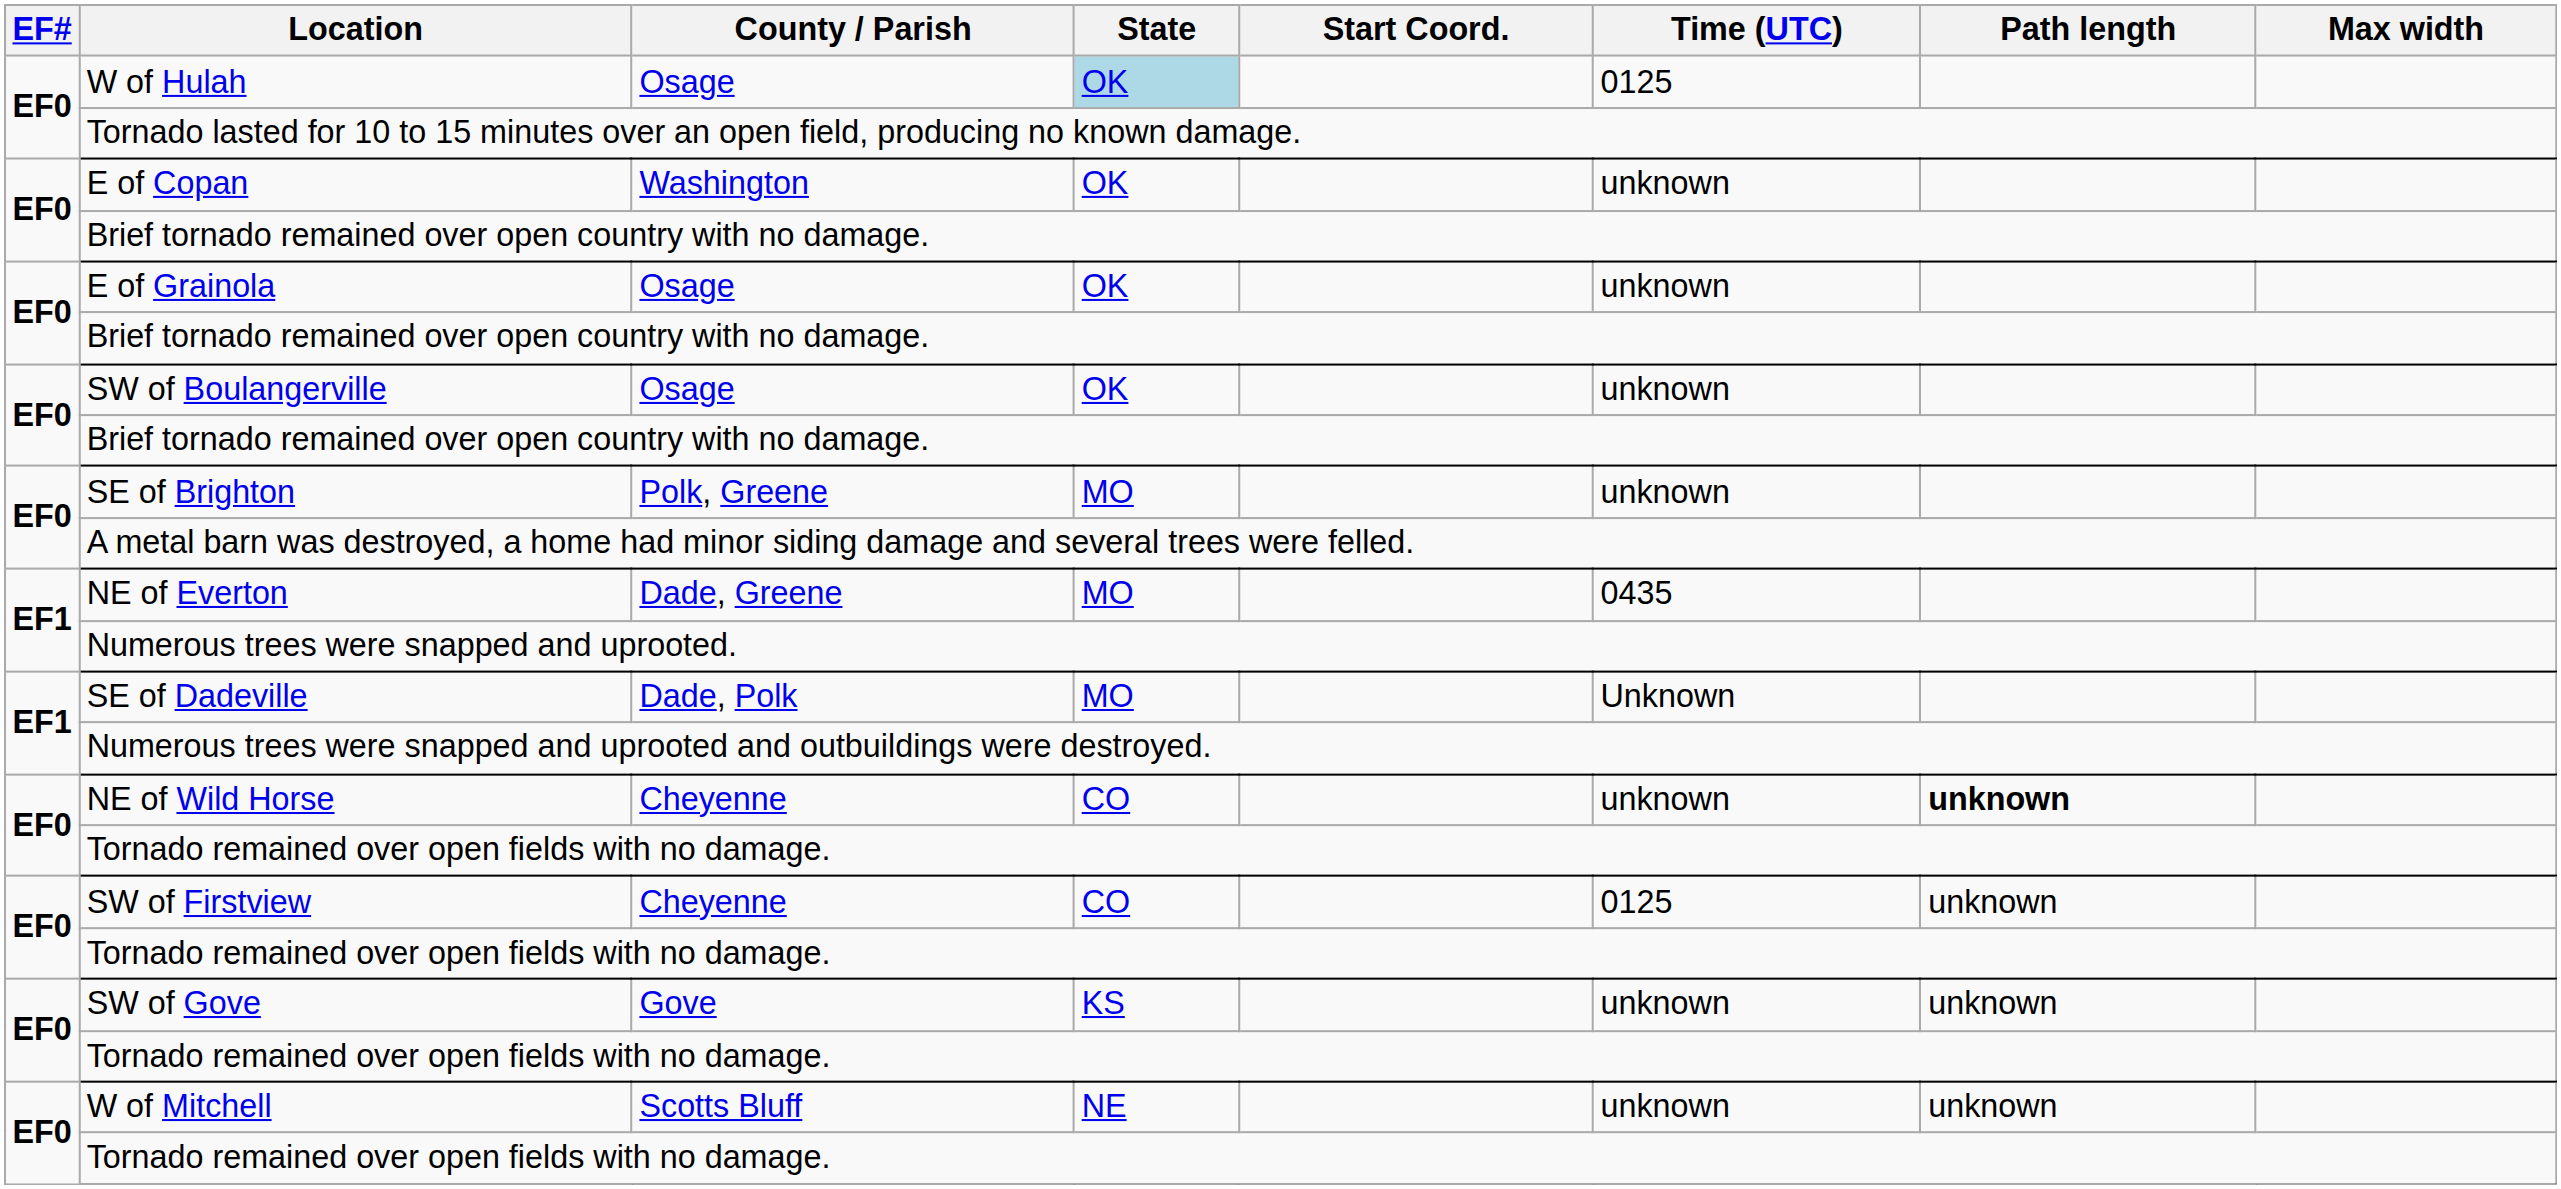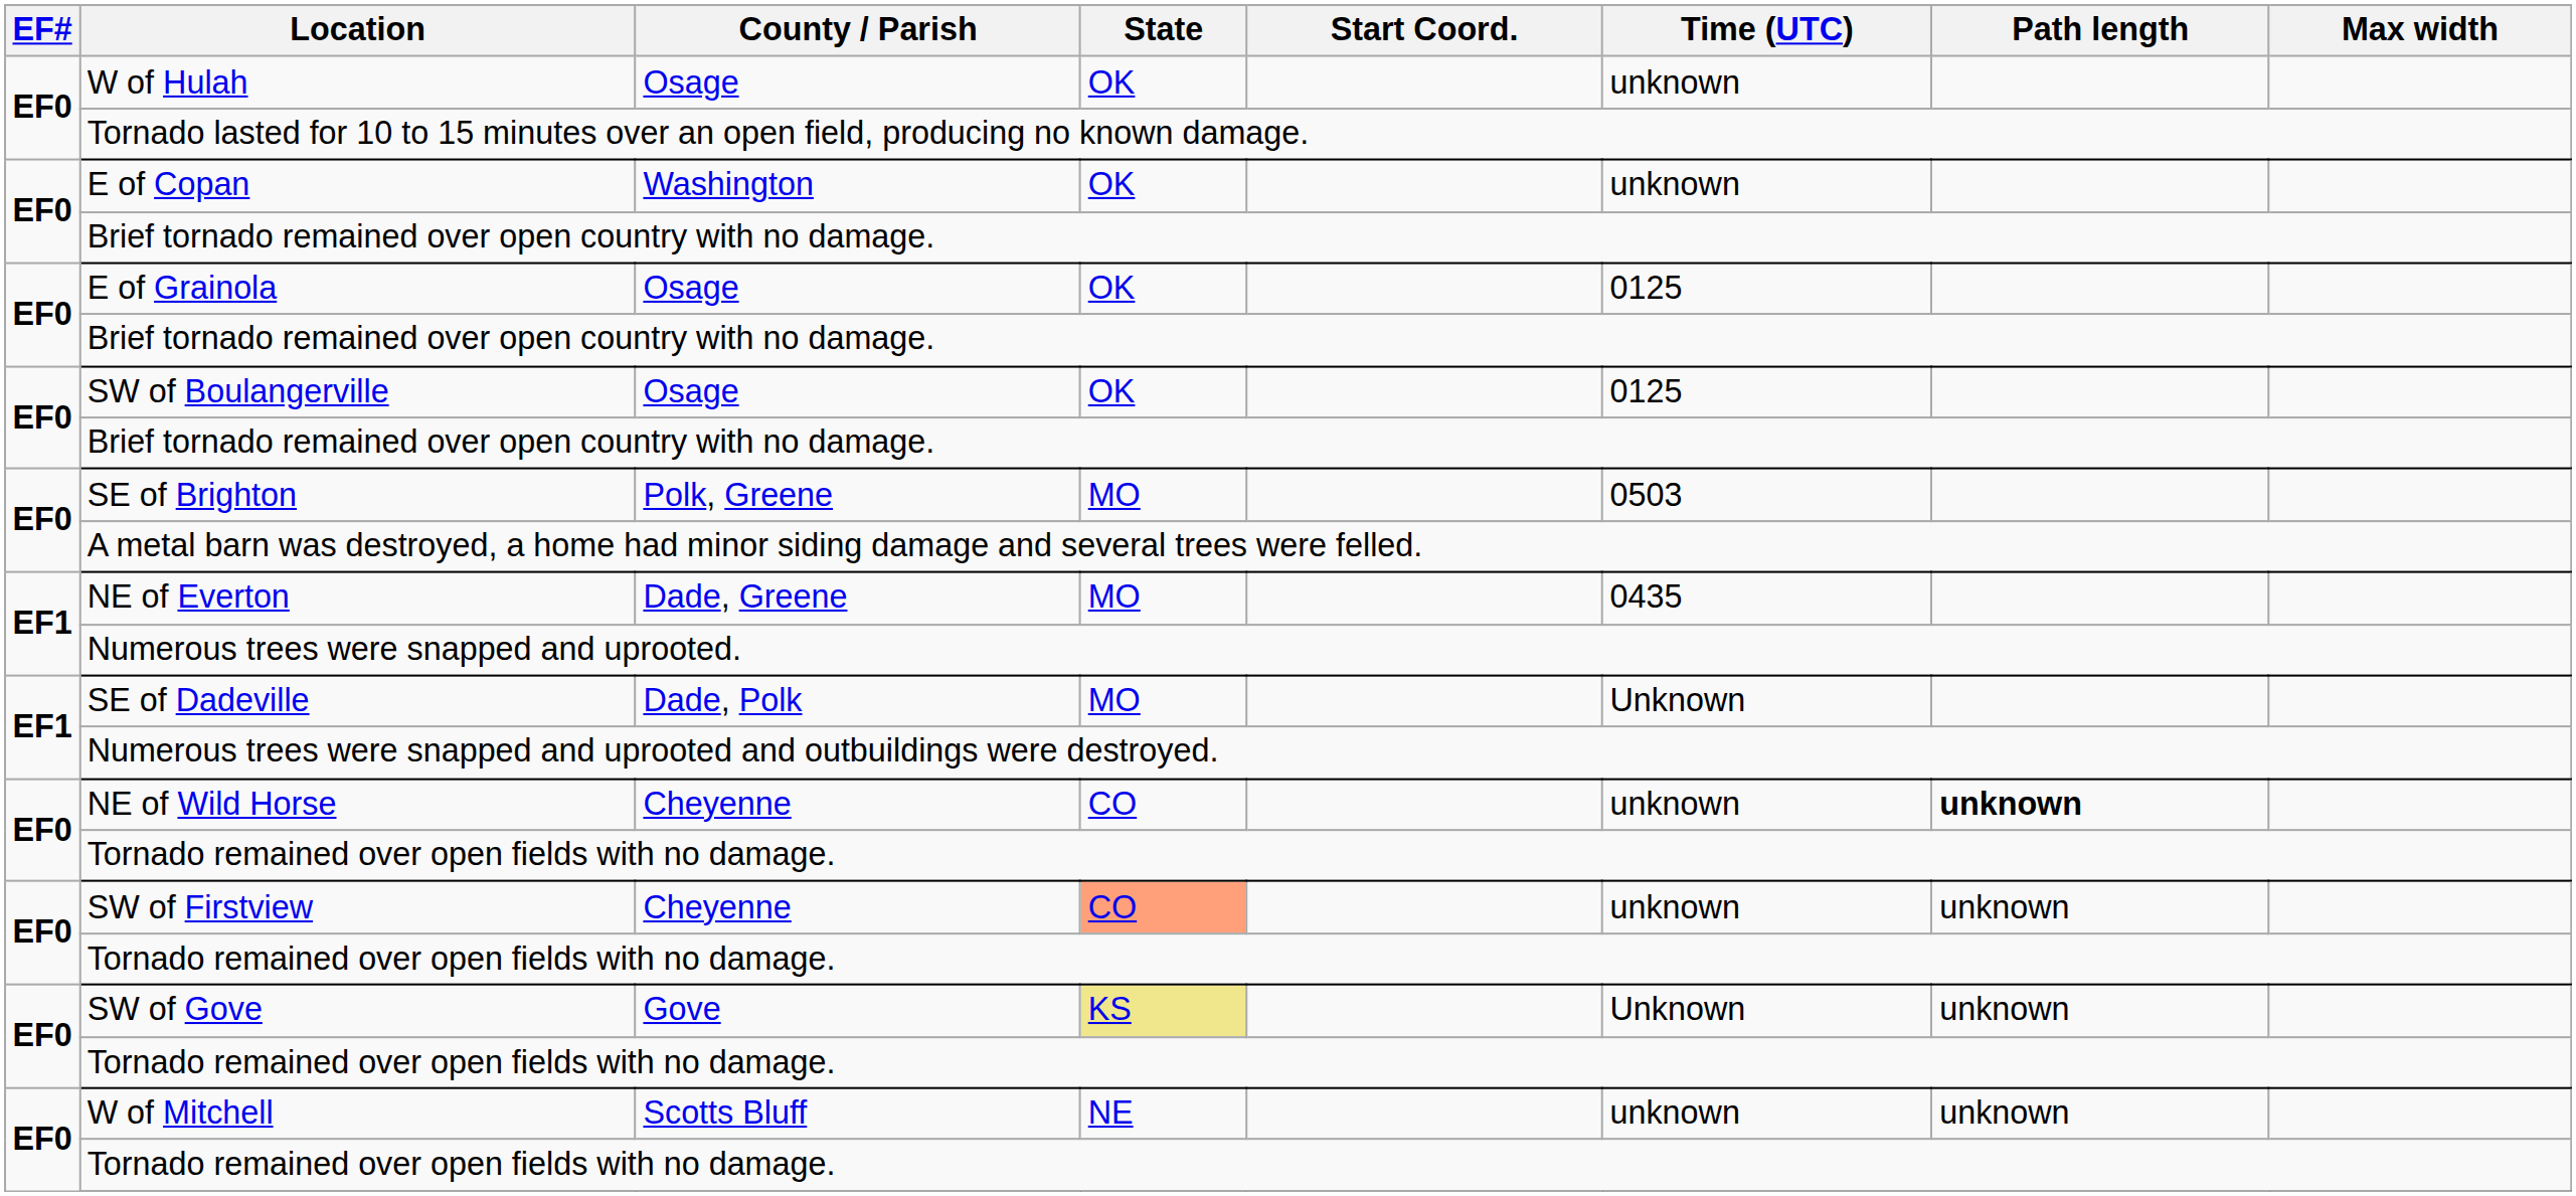 <table class="wikitable sortable" style="width:100%;">
 <tr>
 <th scope="col" width="2%" align="center"><a href='#'>EF#</a></th>
 <th scope="col" align="center" class="unsortable">Location</th>
 <th scope="col" align="center" class="unsortable">County / Parish</th>
 <th scope="col" align="center">State</th>
 <th scope="col" align="center" data-sort-type="number">Start Coord.</th>
 <th scope="col" align="center" data-sort-type="number">Time (<a href='#'>UTC</a>)</th>
 <th scope="col" align="center" data-sort-type="number">Path length</th>
 <th scope="col" align="center" data-sort-type="number">Max width</th>
 </tr>
 <tr>
 <td rowspan="2" align="center"><strong>EF0</strong></td>
 <td>W of <a href='#'>Hulah</a></td>
 <td><a href='#'>Osage</a></td>
-<td style="background: lightblue;"><a href='#'>OK</a></td>
+<td><a href='#'>OK</a></td>
 <td></td>
-<td>0125</td>
+<td>unknown</td>
 <td></td>
 <td></td>
 </tr>
 <tr class="expand-child">
 <td colspan="8" style=" border-bottom: 1px solid black;">Tornado lasted for 10 to 15 minutes over an open field, producing no known damage.</td>
 </tr>
 <tr>
 <td rowspan="2" align="center"><strong>EF0</strong></td>
 <td>E of <a href='#'>Copan</a></td>
 <td><a href='#'>Washington</a></td>
 <td><a href='#'>OK</a></td>
 <td></td>
 <td>unknown</td>
 <td></td>
 <td></td>
 </tr>
 <tr class="expand-child">
 <td colspan="8" style=" border-bottom: 1px solid black;">Brief tornado remained over open country with no damage.</td>
 </tr>
 <tr>
 <td rowspan="2" align="center"><strong>EF0</strong></td>
 <td>E of <a href='#'>Grainola</a></td>
 <td><a href='#'>Osage</a></td>
 <td><a href='#'>OK</a></td>
 <td></td>
-<td>unknown</td>
+<td>0125</td>
 <td></td>
 <td></td>
 </tr>
 <tr class="expand-child">
 <td colspan="8" style=" border-bottom: 1px solid black;">Brief tornado remained over open country with no damage.</td>
 </tr>
 <tr>
 <td rowspan="2" align="center"><strong>EF0</strong></td>
 <td>SW of <a href='#'>Boulangerville</a></td>
 <td><a href='#'>Osage</a></td>
 <td><a href='#'>OK</a></td>
 <td></td>
-<td>unknown</td>
+<td>0125</td>
 <td></td>
 <td></td>
 </tr>
 <tr class="expand-child">
 <td colspan="8" style=" border-bottom: 1px solid black;">Brief tornado remained over open country with no damage.</td>
 </tr>
 <tr>
 <td rowspan="2" align="center"><strong>EF0</strong></td>
 <td>SE of <a href='#'>Brighton</a></td>
 <td><a href='#'>Polk</a>, <a href='#'>Greene</a></td>
 <td><a href='#'>MO</a></td>
 <td></td>
-<td>unknown</td>
+<td>0503</td>
 <td></td>
 <td></td>
 </tr>
 <tr class="expand-child">
 <td colspan="8" style=" border-bottom: 1px solid black;">A metal barn was destroyed, a home had minor siding damage and several trees were felled.</td>
 </tr>
 <tr>
 <td rowspan="2" align="center"><strong>EF1</strong></td>
 <td>NE of <a href='#'>Everton</a></td>
 <td><a href='#'>Dade</a>, <a href='#'>Greene</a></td>
 <td><a href='#'>MO</a></td>
 <td></td>
 <td>0435</td>
 <td></td>
 <td></td>
 </tr>
 <tr class="expand-child">
 <td colspan="8" style=" border-bottom: 1px solid black;">Numerous trees were snapped and uprooted.</td>
 </tr>
 <tr>
 <td rowspan="2" align="center"><strong>EF1</strong></td>
 <td>SE of <a href='#'>Dadeville</a></td>
 <td><a href='#'>Dade</a>, <a href='#'>Polk</a></td>
 <td><a href='#'>MO</a></td>
 <td></td>
 <td>Unknown</td>
 <td></td>
 <td></td>
 </tr>
 <tr class="expand-child">
 <td colspan="8" style=" border-bottom: 1px solid black;">Numerous trees were snapped and uprooted and outbuildings were destroyed.</td>
 </tr>
 <tr>
 <td rowspan="2" align="center"><strong>EF0</strong></td>
 <td>NE of <a href='#'>Wild Horse</a></td>
 <td><a href='#'>Cheyenne</a></td>
 <td><a href='#'>CO</a></td>
 <td></td>
 <td>unknown</td>
 <td><strong>unknown</strong></td>
 <td></td>
 </tr>
 <tr class="expand-child">
 <td colspan="8" style=" border-bottom: 1px solid black;">Tornado remained over open fields with no damage.</td>
 </tr>
 <tr>
 <td rowspan="2" align="center"><strong>EF0</strong></td>
 <td>SW of <a href='#'>Firstview</a></td>
 <td><a href='#'>Cheyenne</a></td>
-<td><a href='#'>CO</a></td>
+<td style="background: lightsalmon;"><a href='#'>CO</a></td>
 <td></td>
-<td>0125</td>
+<td>unknown</td>
 <td>unknown</td>
 <td></td>
 </tr>
 <tr class="expand-child">
 <td colspan="8" style=" border-bottom: 1px solid black;">Tornado remained over open fields with no damage.</td>
 </tr>
 <tr>
 <td rowspan="2" align="center"><strong>EF0</strong></td>
 <td>SW of <a href='#'>Gove</a></td>
 <td><a href='#'>Gove</a></td>
-<td><a href='#'>KS</a></td>
+<td style="background: khaki;"><a href='#'>KS</a></td>
 <td></td>
-<td>unknown</td>
+<td>Unknown</td>
 <td>unknown</td>
 <td></td>
 </tr>
 <tr class="expand-child">
 <td colspan="8" style=" border-bottom: 1px solid black;">Tornado remained over open fields with no damage.</td>
 </tr>
 <tr>
 <td rowspan="2" align="center"><strong>EF0</strong></td>
 <td>W of <a href='#'>Mitchell</a></td>
 <td><a href='#'>Scotts Bluff</a></td>
 <td><a href='#'>NE</a></td>
 <td></td>
 <td>unknown</td>
 <td>unknown</td>
 <td></td>
 </tr>
 <tr class="expand-child">
 <td colspan="8" style=" border-bottom: 1px solid black;">Tornado remained over open fields with no damage.</td>
 </tr>
 <tr>
 </tr>
 </table>
